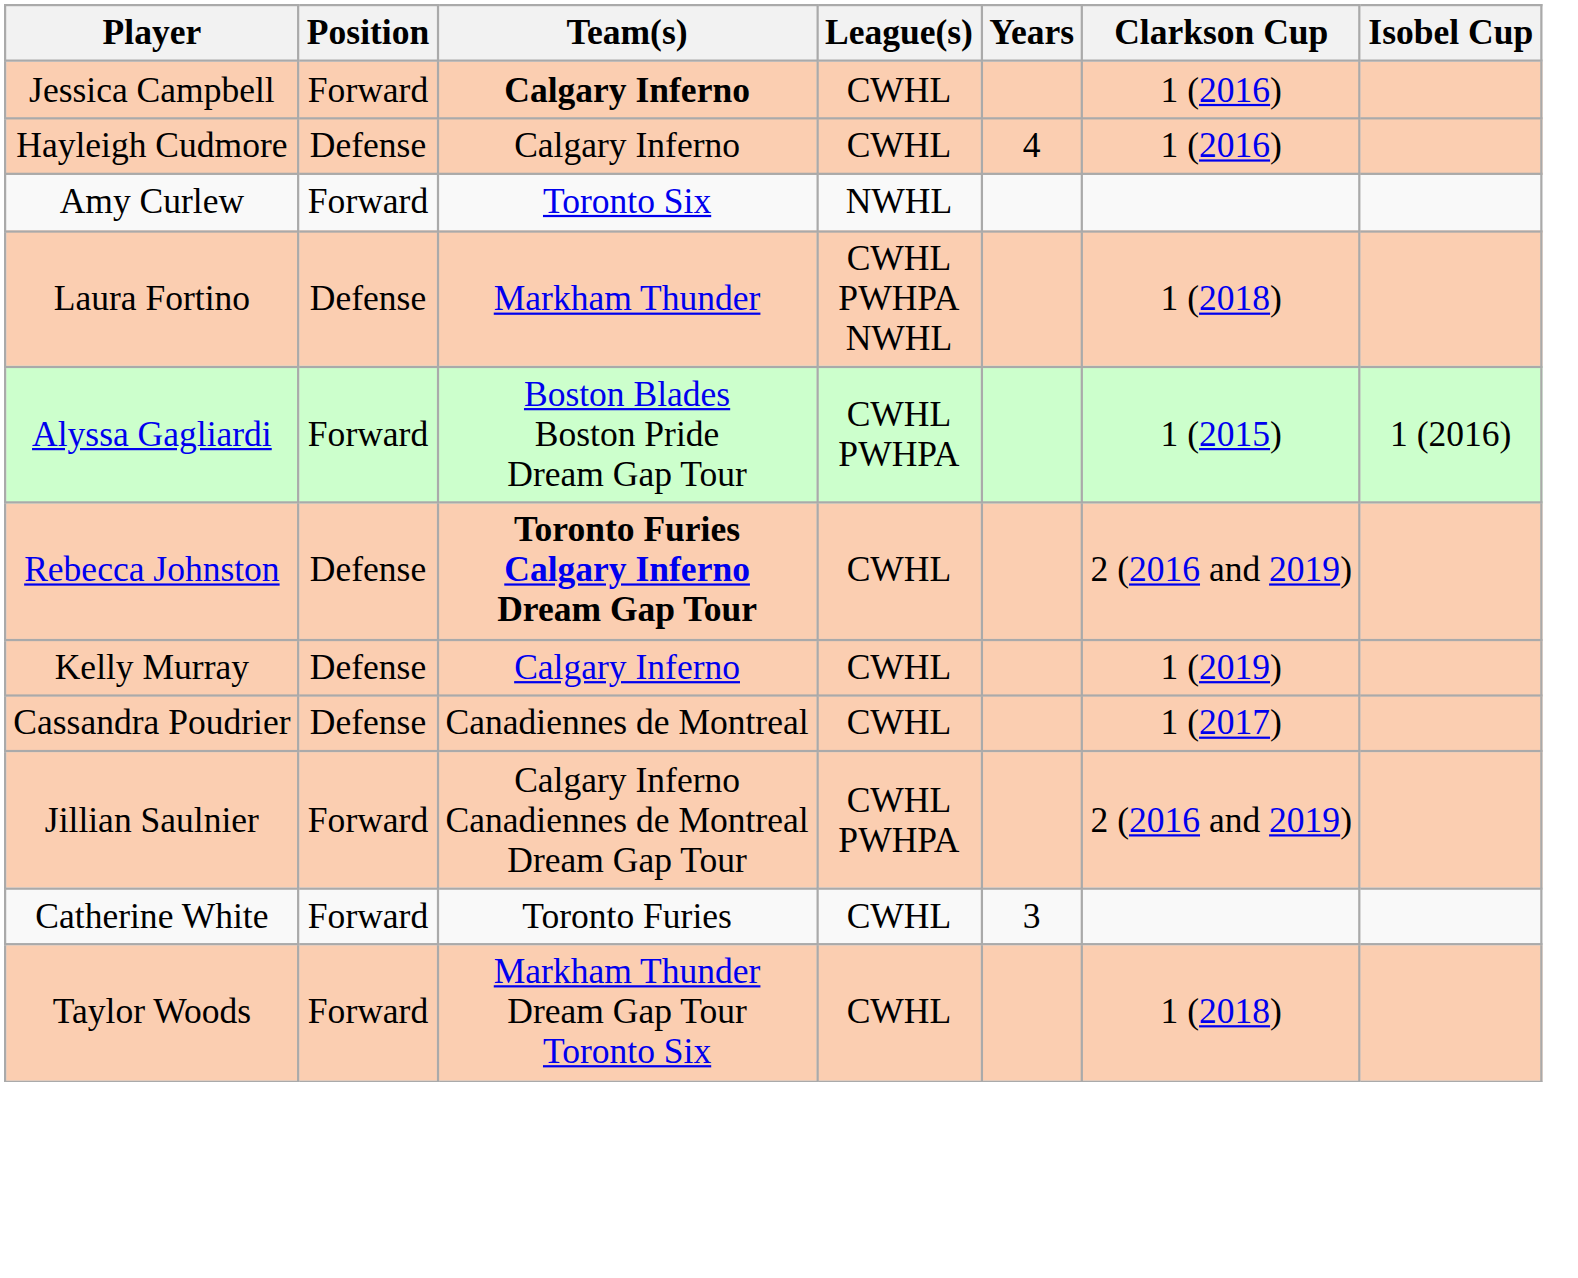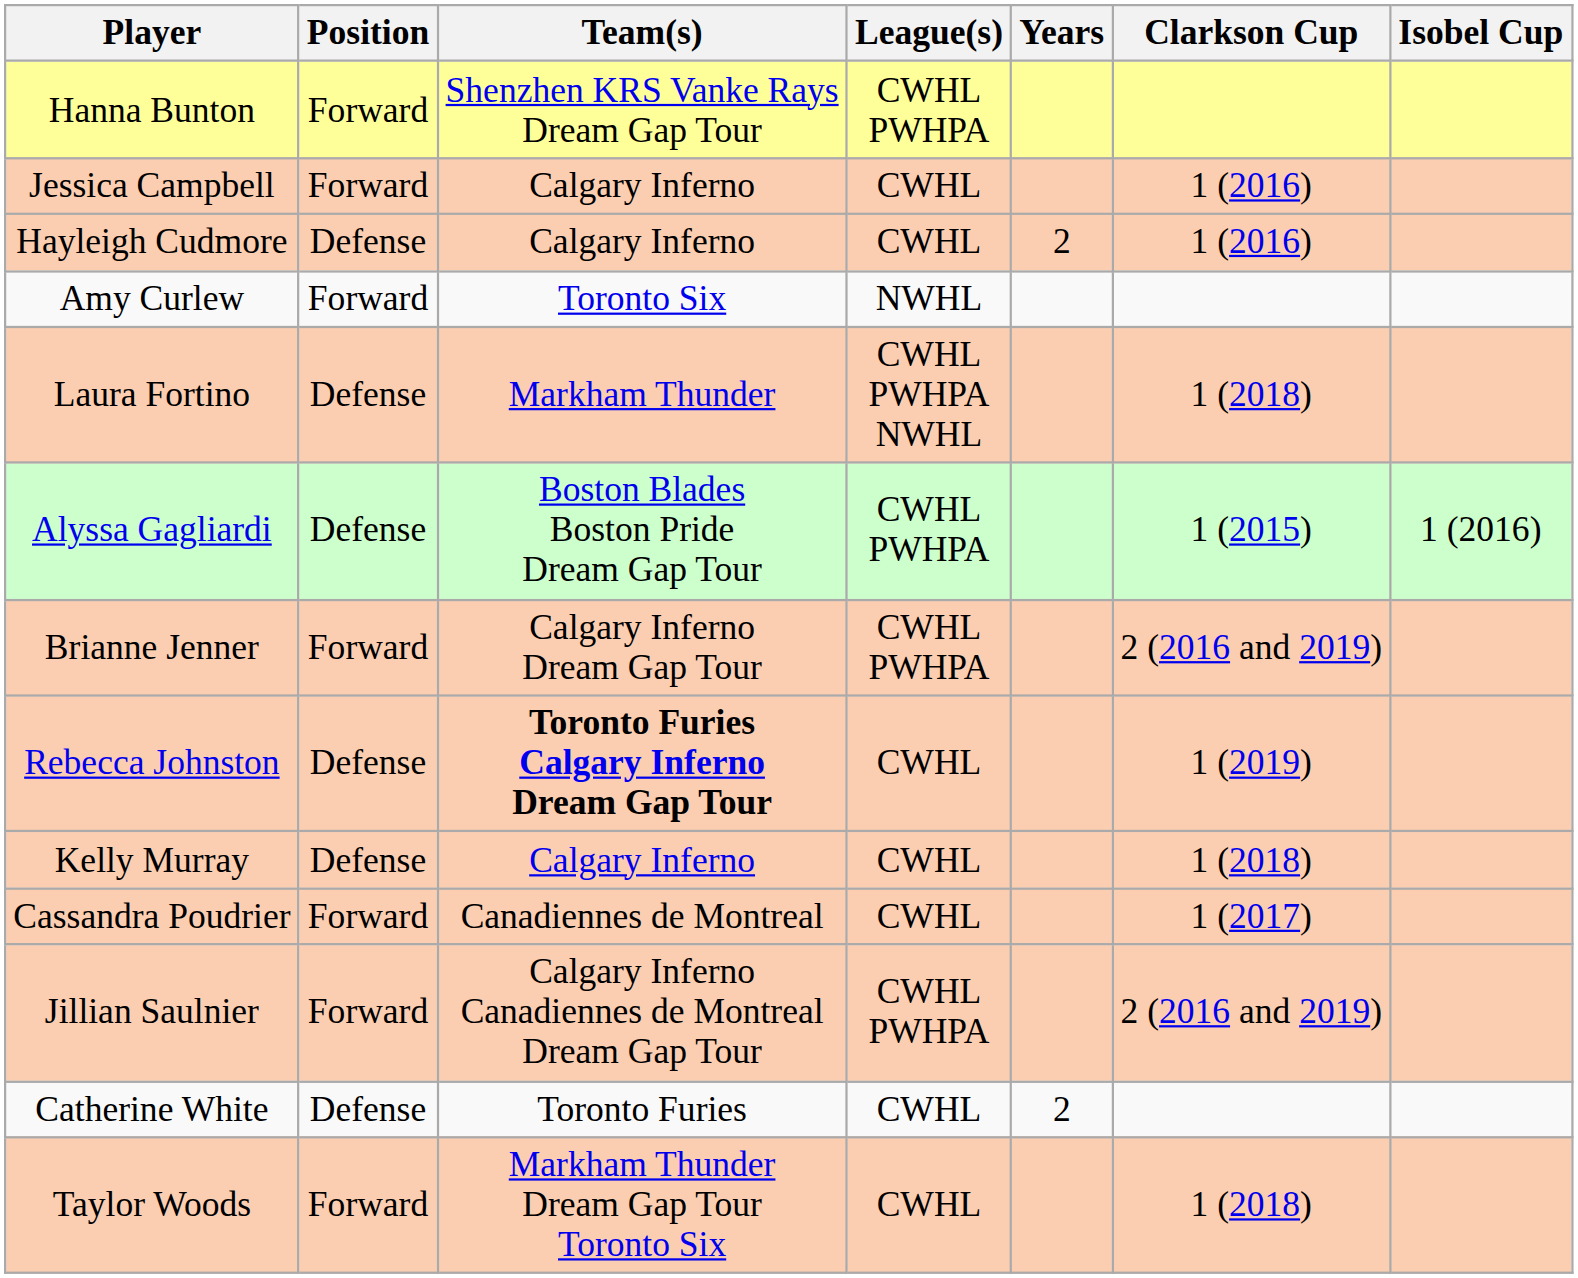 <table class="wikitable sortable">
 <tr>
 <th>Player</th>
 <th>Position</th>
 <th>Team(s)</th>
 <th>League(s)</th>
 <th>Years</th>
 <th>Clarkson Cup</th>
 <th>Isobel Cup</th>
 </tr>
+<tr align="center" bgcolor="FFFF99">
+<td>Hanna Bunton</td>
+<td>Forward</td>
+<td><a href='#'>Shenzhen KRS Vanke Rays</a><br>Dream Gap Tour</td>
+<td>CWHL<br>PWHPA</td>
+<td></td>
+<td></td>
+<td></td>
+</tr>
 <tr align="center" bgcolor=FBCEB1>
 <td>Jessica Campbell</td>
 <td>Forward</td>
-<td><strong>Calgary Inferno</strong></td>
+<td>Calgary Inferno</td>
 <td>CWHL</td>
 <td></td>
 <td>1 (<a href='#'>2016</a>)</td>
 <td></td>
 </tr>
 <tr align="center" bgcolor=FBCEB1>
 <td>Hayleigh Cudmore</td>
 <td>Defense</td>
 <td>Calgary Inferno</td>
 <td>CWHL</td>
-<td>4</td>
+<td>2</td>
 <td>1 (<a href='#'>2016</a>)</td>
 <td></td>
 </tr>
 <tr align="center" bgcolor="">
 <td>Amy Curlew</td>
 <td>Forward</td>
 <td><a href='#'>Toronto Six</a></td>
 <td>NWHL</td>
 <td></td>
 <td></td>
 <td></td>
 </tr>
 <tr align="center" bgcolor=FBCEB1>
 <td>Laura Fortino</td>
 <td>Defense</td>
 <td><a href='#'>Markham Thunder</a></td>
 <td>CWHL<br>PWHPA<br>NWHL</td>
 <td></td>
 <td>1 (<a href='#'>2018</a>)</td>
 <td></td>
 </tr>
 <tr align="center" bgcolor=CCFFCC>
 <td><a href='#'>Alyssa Gagliardi</a></td>
-<td>Forward</td>
+<td>Defense</td>
 <td><a href='#'>Boston Blades</a><br>Boston Pride<br>Dream Gap Tour</td>
 <td>CWHL<br>PWHPA</td>
 <td></td>
 <td>1 (<a href='#'>2015</a>)</td>
 <td>1 (2016)</td>
 </tr>
 <tr align="center" bgcolor=FBCEB1>
+<td>Brianne Jenner</td>
+<td>Forward</td>
+<td>Calgary Inferno<br>Dream Gap Tour</td>
+<td>CWHL<br>PWHPA</td>
+<td></td>
+<td>2 (<a href='#'>2016</a> and <a href='#'>2019</a>)</td>
+<td></td>
+</tr>
+<tr align="center" bgcolor=FBCEB1>
 <td><a href='#'>Rebecca Johnston</a></td>
 <td>Defense</td>
 <td><strong>Toronto Furies<br><a href='#'>Calgary Inferno</a><br>Dream Gap Tour</strong></td>
 <td>CWHL</td>
 <td></td>
-<td>2 (<a href='#'>2016</a> and <a href='#'>2019</a>)</td>
+<td>1 (<a href='#'>2019</a>)</td>
 <td></td>
 </tr>
 <tr align="center" bgcolor=FBCEB1>
 <td>Kelly Murray</td>
 <td>Defense</td>
 <td><a href='#'>Calgary Inferno</a></td>
 <td>CWHL</td>
 <td></td>
-<td>1 (<a href='#'>2019</a>)</td>
+<td>1 (<a href='#'>2018</a>)</td>
 <td></td>
 </tr>
 <tr align="center" bgcolor=FBCEB1>
 <td>Cassandra Poudrier</td>
-<td>Defense</td>
+<td>Forward</td>
 <td>Canadiennes de Montreal</td>
 <td>CWHL</td>
 <td></td>
 <td>1 (<a href='#'>2017</a>)</td>
 <td></td>
 </tr>
 <tr align="center" bgcolor=FBCEB1>
 <td>Jillian Saulnier</td>
 <td>Forward</td>
 <td>Calgary Inferno<br>Canadiennes de Montreal<br>Dream Gap Tour</td>
 <td>CWHL<br>PWHPA</td>
 <td></td>
 <td>2 (<a href='#'>2016</a> and <a href='#'>2019</a>)</td>
 <td></td>
 </tr>
 <tr align="center" bgcolor=>
 <td>Catherine White</td>
-<td>Forward</td>
+<td>Defense</td>
 <td>Toronto Furies</td>
 <td>CWHL</td>
-<td>3</td>
+<td>2</td>
 <td></td>
 <td></td>
 </tr>
 <tr align="center" bgcolor=FBCEB1>
 <td>Taylor Woods</td>
 <td>Forward</td>
 <td><a href='#'>Markham Thunder</a><br>Dream Gap Tour<br><a href='#'>Toronto Six</a></td>
 <td>CWHL</td>
 <td></td>
 <td>1 (<a href='#'>2018</a>)</td>
 <td></td>
 </tr>
 </table>
